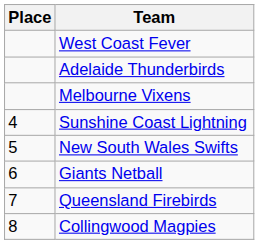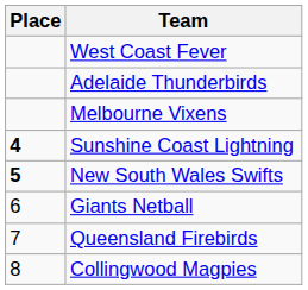 <table class=wikitable style=text-align:left>
 <tr>
 <th width=35>Place</th>
 <th width=185>Team</th>
 </tr>
 <tr>
 <td></td>
 <td style=text-align:left> <a href='#'>West Coast Fever</a></td>
 </tr>
 <tr>
 <td></td>
 <td style=text-align:left> <a href='#'>Adelaide Thunderbirds</a></td>
 </tr>
 <tr>
 <td></td>
 <td style=text-align:left> <a href='#'>Melbourne Vixens</a></td>
 </tr>
 <tr>
-<td style=text-align:left>4</td>
+<td style=text-align:left><strong>4</strong></td>
 <td> <a href='#'>Sunshine Coast Lightning</a></td>
 </tr>
 <tr>
-<td style=text-align:left>5</td>
+<td style=text-align:left><strong>5</strong></td>
 <td> <a href='#'>New South Wales Swifts</a></td>
 </tr>
 <tr>
 <td style=text-align:left>6</td>
 <td> <a href='#'>Giants Netball</a></td>
 </tr>
 <tr>
 <td style=text-align:left>7</td>
 <td> <a href='#'>Queensland Firebirds</a></td>
 </tr>
 <tr>
 <td style=text-align:left>8</td>
 <td> <a href='#'>Collingwood Magpies</a></td>
 </tr>
 </table>
